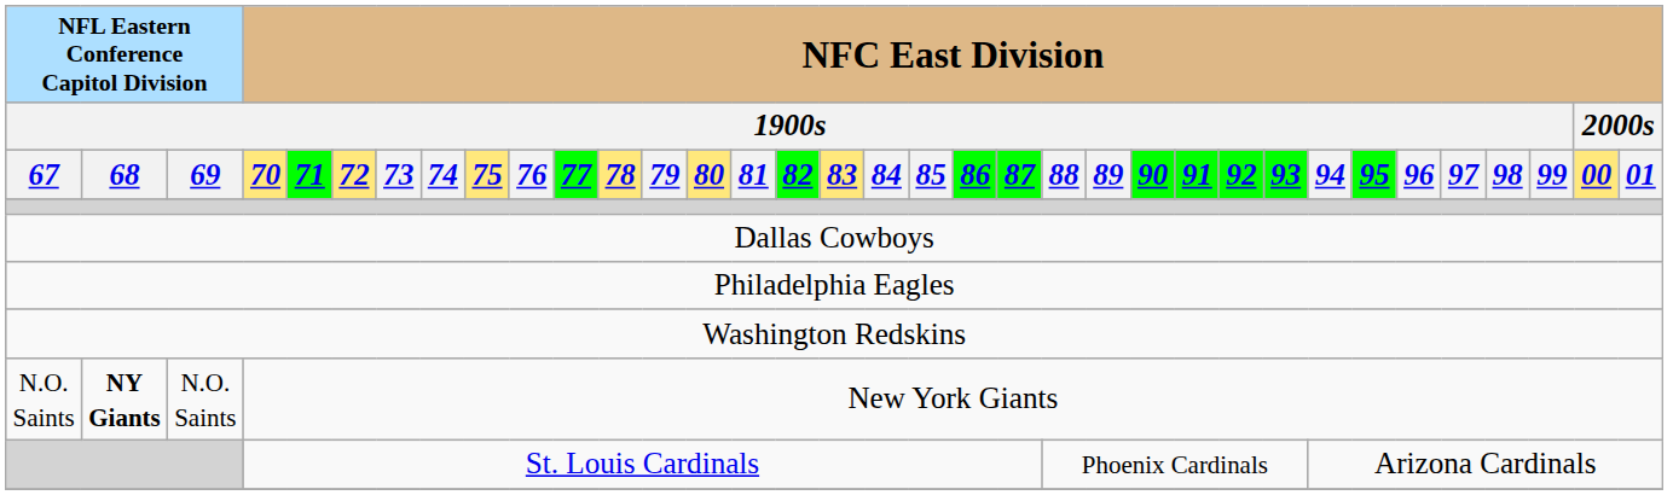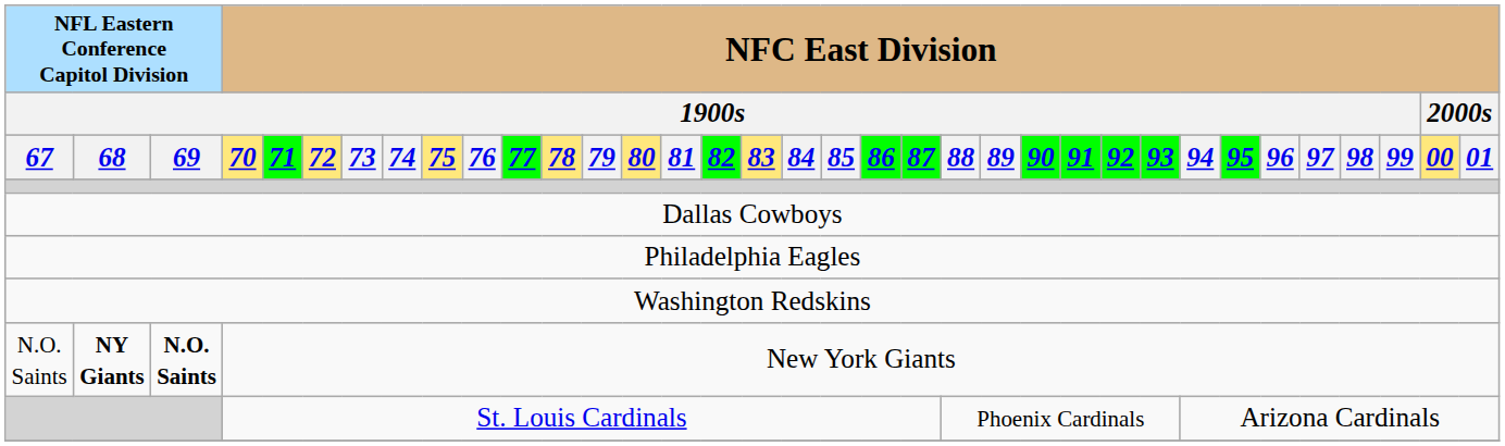 <table class="wikitable" style="text-align:center">
 <tr>
 <th colspan="3" style="text-align:center; font-size:79%; background:#addfff;">NFL Eastern Conference <br>Capitol Division</th>
 <th colspan="32" style="text-align:center; font-size:125%; background:#DEB887;">NFC East Division</th>
 </tr>
 <tr>
 <th colspan="33"><em>1900s</em></th>
 <th colspan=2><em>2000s</em></th>
 </tr>
 <tr>
 <th><em><a href='#'>67</a></em></th>
 <th><em><a href='#'>68</a></em></th>
 <th><em><a href='#'>69</a></em></th>
 <th style="background:#ffe87c;"><em><a href='#'>70</a></em></th>
 <th style="background:#00ff00;"><em><a href='#'>71</a></em></th>
 <th style="background:#ffe87c;"><em><a href='#'>72</a></em></th>
 <th><em><a href='#'>73</a></em></th>
 <th><em><a href='#'>74</a></em></th>
 <th style="background:#ffe87c;"><em><a href='#'>75</a></em></th>
 <th><em><a href='#'>76</a></em></th>
 <th style="background:#00ff00;"><em><a href='#'>77</a></em></th>
 <th style="background:#ffe87c;"><em><a href='#'>78</a></em></th>
 <th><em><a href='#'>79</a></em></th>
 <th style="background:#ffe87c;"><em><a href='#'>80</a></em></th>
 <th><em><a href='#'>81</a></em></th>
 <th style="background:#00ff00;"><em><a href='#'>82</a></em></th>
 <th style="background:#ffe87c;"><em><a href='#'>83</a></em></th>
 <th><em><a href='#'>84</a></em></th>
 <th><em><a href='#'>85</a></em></th>
 <th style="background:#00ff00;"><em><a href='#'>86</a></em></th>
 <th style="background:#00ff00;"><em><a href='#'>87</a></em></th>
 <th><em><a href='#'>88</a></em></th>
 <th><em><a href='#'>89</a></em></th>
 <th style="background:#00ff00;"><em><a href='#'>90</a></em></th>
 <th style="background:#00ff00;"><em><a href='#'>91</a></em></th>
 <th style="background:#00ff00;"><em><a href='#'>92</a></em></th>
 <th style="background:#00ff00;"><em><a href='#'>93</a></em></th>
 <th><em><a href='#'>94</a></em></th>
 <th style="background:#00ff00;"><em><a href='#'>95</a></em></th>
 <th><em><a href='#'>96</a></em></th>
 <th><em><a href='#'>97</a></em></th>
 <th><em><a href='#'>98</a></em></th>
 <th><em><a href='#'>99</a></em></th>
 <th style="background:#ffe87c;"><em><a href='#'>00</a></em></th>
 <th><em><a href='#'>01</a></em></th>
 </tr>
 <tr>
 <td colspan="53" style="background:lightgrey; height:.5px;"></td>
 </tr>
 <tr>
 <td colspan="35">Dallas Cowboys</td>
 </tr>
 <tr>
 <td colspan="35">Philadelphia Eagles</td>
 </tr>
 <tr>
 <td colspan="35">Washington Redskins</td>
 </tr>
 <tr>
 <td colspan="1"><small> N.O. Saints</small></td>
 <td colspan="1"><strong><small>NY Giants</small></strong></td>
-<td colspan="1"><small> N.O. Saints</small></td>
+<td colspan="1"><strong><small> N.O. Saints</small></strong></td>
 <td colspan="32">New York Giants</td>
 </tr>
 <tr>
 <td colspan="3" style="background:lightgrey;"> </td>
 <td colspan="18"><a href='#'>St. Louis Cardinals</a></td>
 <td colspan="6"><small>Phoenix Cardinals</small></td>
 <td colspan="8">Arizona Cardinals</td>
 </tr>
 <tr>
 </tr>
 </table>
